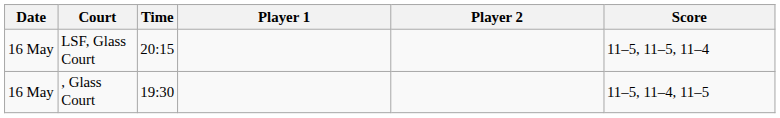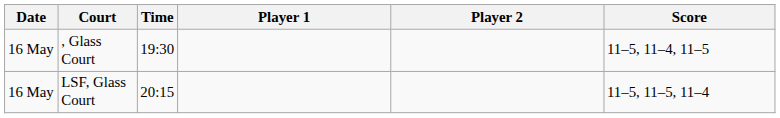 <table class="sortable wikitable" style="font-size:90%">
 <tr>
 <th width="45" class="unsortable">Date</th>
 <th width="70">Court</th>
 <th width="30">Time</th>
 <th width="200">Player 1</th>
 <th width="200">Player 2</th>
 <th width="160" class="unsortable">Score</th>
 </tr>
 <tr>
 <td>16 May</td>
+<td>, Glass Court</td>
+<td>19:30</td>
+<td><strong></strong></td>
+<td></td>
+<td>11–5, 11–4, 11–5</td>
+</tr>
+<tr>
+<td>16 May</td>
 <td>LSF, Glass Court</td>
 <td>20:15</td>
 <td><strong></strong></td>
 <td></td>
 <td>11–5, 11–5, 11–4</td>
 </tr>
-<tr>
-<td>16 May</td>
-<td>, Glass Court</td>
-<td>19:30</td>
-<td><strong></strong></td>
-<td></td>
-<td>11–5, 11–4, 11–5</td>
-</tr>
 </table>
